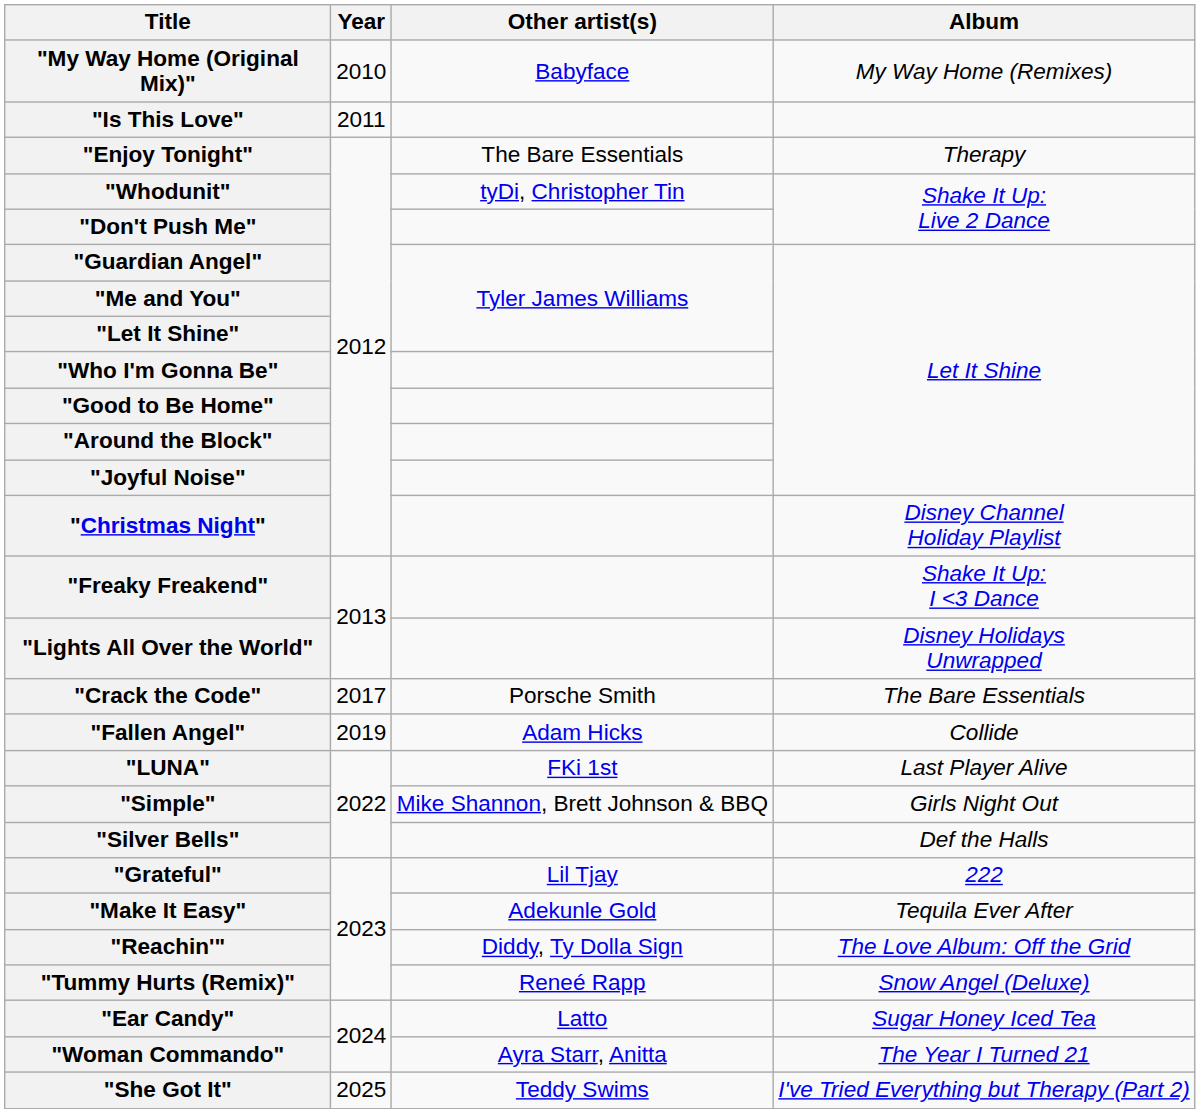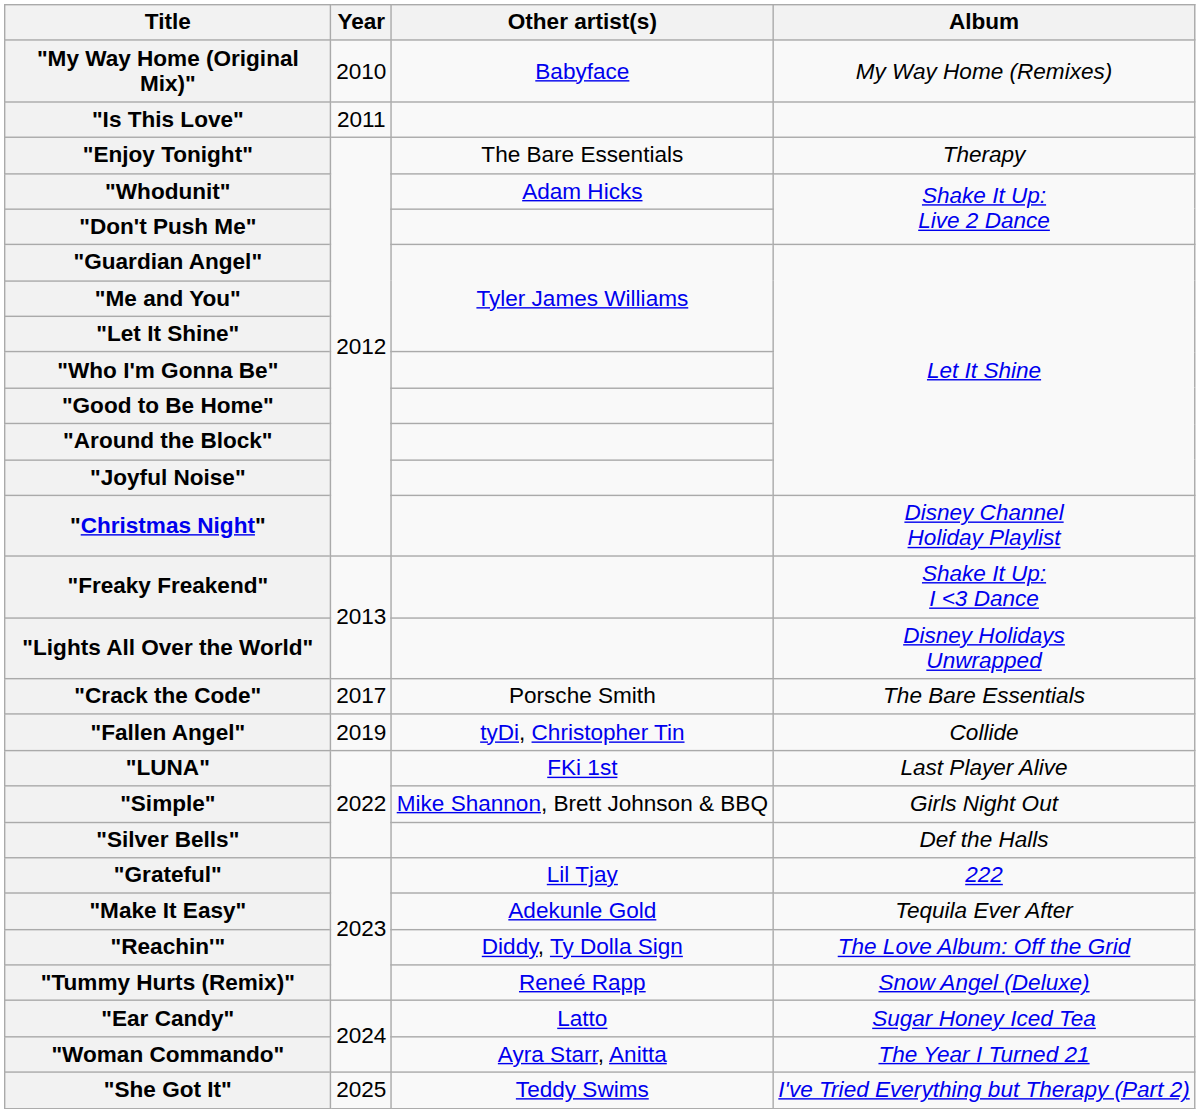 <table class="wikitable plainrowheaders" style="text-align:center;" border="1">
 <tr>
 <th scope="col" style="width:14em;">Title</th>
 <th scope="col">Year</th>
 <th scope="col">Other artist(s)</th>
 <th scope="col">Album</th>
 </tr>
 <tr>
 <th scope="row">"My Way Home (Original Mix)"</th>
 <td scope="row">2010</td>
 <td><a href='#'>Babyface</a></td>
 <td scope="row"><em>My Way Home (Remixes)</em></td>
 </tr>
 <tr>
 <th scope="row">"Is This Love"</th>
 <td rowspan="1">2011</td>
 <td></td>
 <td></td>
 </tr>
 <tr>
 <th scope="row">"Enjoy Tonight"</th>
 <td rowspan="11">2012</td>
 <td>The Bare Essentials</td>
 <td scope="row"><em>Therapy</em></td>
 </tr>
 <tr>
 <th scope="row">"Whodunit"</th>
-<td><a href='#'>tyDi</a>, <a href='#'>Christopher Tin</a></td>
+<td><a href='#'>Adam Hicks</a></td>
 <td rowspan="2"><em><a href='#'>Shake It Up:<br> Live 2 Dance</a></em></td>
 </tr>
 <tr>
 <th scope="row">"Don't Push Me"</th>
 <td></td>
 </tr>
 <tr>
 <th scope="row">"Guardian Angel"</th>
 <td rowspan="3"><a href='#'>Tyler James Williams</a></td>
 <td rowspan="7"><em><a href='#'>Let It Shine</a></em></td>
 </tr>
 <tr>
 <th scope="row">"Me and You"</th>
 </tr>
 <tr>
 <th scope="row">"Let It Shine"</th>
 </tr>
 <tr>
 <th scope="row">"Who I'm Gonna Be"</th>
 <td></td>
 </tr>
 <tr>
 <th scope="row">"Good to Be Home"</th>
 <td></td>
 </tr>
 <tr>
 <th scope="row">"Around the Block"</th>
 <td></td>
 </tr>
 <tr>
 <th scope="row">"Joyful Noise"</th>
 <td></td>
 </tr>
 <tr>
 <th scope="row">"<a href='#'>Christmas Night</a>"</th>
 <td></td>
 <td><em><a href='#'>Disney Channel<br> Holiday Playlist</a></em></td>
 </tr>
 <tr>
 <th scope="row">"Freaky Freakend"</th>
 <td rowspan="2">2013</td>
 <td></td>
 <td><em><a href='#'>Shake It Up: <br>I <3 Dance</a></em></td>
 </tr>
 <tr>
 <th scope="row">"Lights All Over the World"</th>
 <td></td>
 <td><em><a href='#'>Disney Holidays <br>Unwrapped</a></em></td>
 </tr>
 <tr>
 <th scope="row">"Crack the Code"</th>
 <td scope="row">2017</td>
 <td>Porsche Smith</td>
 <td scope="row"><em>The Bare Essentials</em></td>
 </tr>
 <tr>
 <th scope="row">"Fallen Angel"</th>
 <td scope="row">2019</td>
-<td><a href='#'>Adam Hicks</a></td>
+<td><a href='#'>tyDi</a>, <a href='#'>Christopher Tin</a></td>
 <td scope="row"><em>Collide</em></td>
 </tr>
 <tr>
 <th scope="row">"LUNA"</th>
 <td rowspan="3">2022</td>
 <td><a href='#'>FKi 1st</a></td>
 <td scope="row"><em>Last Player Alive</em></td>
 </tr>
 <tr>
 <th scope="row">"Simple"</th>
 <td><a href='#'>Mike Shannon</a>, Brett Johnson & BBQ</td>
 <td scope="row"><em>Girls Night Out</em></td>
 </tr>
 <tr>
 <th scope="row">"Silver Bells"</th>
 <td></td>
 <td><em>Def the Halls</em></td>
 </tr>
 <tr>
 <th scope="row">"Grateful"</th>
 <td rowspan="4">2023</td>
 <td><a href='#'>Lil Tjay</a></td>
 <td><em><a href='#'>222</a></em></td>
 </tr>
 <tr>
 <th scope="row">"Make It Easy"</th>
 <td><a href='#'>Adekunle Gold</a></td>
 <td scope="row"><em>Tequila Ever After</em></td>
 </tr>
 <tr>
 <th scope="row">"Reachin'"</th>
 <td><a href='#'>Diddy</a>, <a href='#'>Ty Dolla Sign</a></td>
 <td><em><a href='#'>The Love Album: Off the Grid</a></em></td>
 </tr>
 <tr>
 <th scope="row">"Tummy Hurts (Remix)"</th>
 <td><a href='#'>Reneé Rapp</a></td>
 <td><em><a href='#'>Snow Angel (Deluxe)</a></em></td>
 </tr>
 <tr>
 <th scope="row">"Ear Candy"</th>
 <td rowspan="2">2024</td>
 <td><a href='#'>Latto</a></td>
 <td><em><a href='#'>Sugar Honey Iced Tea</a></em></td>
 </tr>
 <tr>
 <th scope="row">"Woman Commando"</th>
 <td><a href='#'>Ayra Starr</a>, <a href='#'>Anitta</a></td>
 <td><em><a href='#'>The Year I Turned 21</a></em></td>
 </tr>
 <tr>
 <th scope="row">"She Got It"</th>
 <td rowspan="1">2025</td>
 <td><a href='#'>Teddy Swims</a></td>
 <td><em><a href='#'>I've Tried Everything but Therapy (Part 2)</a></em></td>
 </tr>
 </table>
